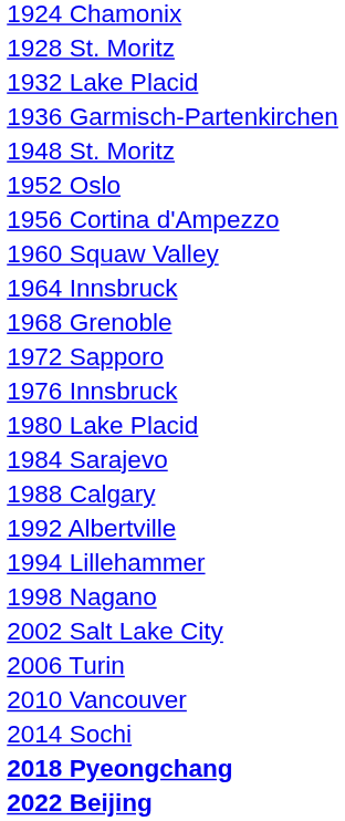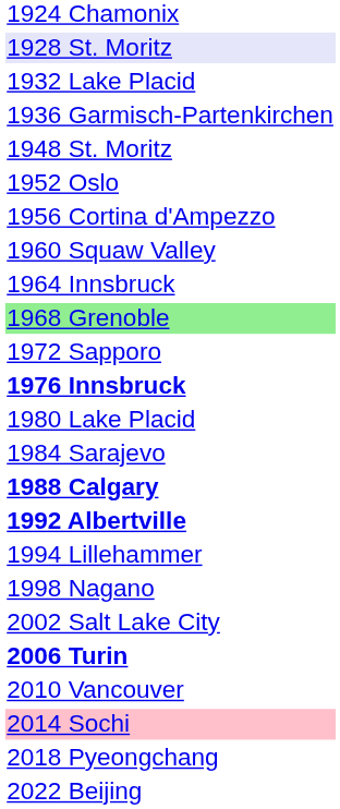 <table>
 <tr>
 <td><a href='#'>1924 Chamonix</a><br></td>
 <td></td>
 <td></td>
 <td></td>
 </tr>
 <tr>
-<td><a href='#'>1928 St. Moritz</a><br></td>
+<td style="background: lavender;"><a href='#'>1928 St. Moritz</a><br></td>
 <td></td>
 <td></td>
 <td></td>
 </tr>
 <tr>
 <td><a href='#'>1932 Lake Placid</a><br></td>
 <td></td>
 <td></td>
 <td></td>
 </tr>
 <tr valign="top">
 <td><a href='#'>1936 Garmisch-Partenkirchen</a><br></td>
 <td></td>
 <td></td>
 <td></td>
 </tr>
 <tr>
 <td><a href='#'>1948 St. Moritz</a><br></td>
 <td></td>
 <td></td>
 <td></td>
 </tr>
 <tr>
 <td><a href='#'>1952 Oslo</a><br></td>
 <td></td>
 <td></td>
 <td></td>
 </tr>
 <tr valign="top">
 <td><a href='#'>1956 Cortina d'Ampezzo</a><br></td>
 <td></td>
 <td></td>
 <td></td>
 </tr>
 <tr>
 <td><a href='#'>1960 Squaw Valley</a><br></td>
 <td></td>
 <td></td>
 <td></td>
 </tr>
 <tr>
 <td><a href='#'>1964 Innsbruck</a><br></td>
 <td></td>
 <td></td>
 <td></td>
 </tr>
 <tr>
-<td><a href='#'>1968 Grenoble</a><br></td>
+<td style="background: lightgreen;"><a href='#'>1968 Grenoble</a><br></td>
 <td></td>
 <td></td>
 <td></td>
 </tr>
 <tr>
 <td><a href='#'>1972 Sapporo</a><br></td>
 <td></td>
 <td></td>
 <td></td>
 </tr>
 <tr>
-<td><a href='#'>1976 Innsbruck</a><br></td>
+<td><strong><a href='#'>1976 Innsbruck</a><br></strong></td>
 <td></td>
 <td></td>
 <td></td>
 </tr>
 <tr>
 <td><a href='#'>1980 Lake Placid</a><br></td>
 <td></td>
 <td></td>
 <td></td>
 </tr>
 <tr>
 <td><a href='#'>1984 Sarajevo</a><br></td>
 <td></td>
 <td></td>
 <td></td>
 </tr>
 <tr>
-<td><a href='#'>1988 Calgary</a><br></td>
+<td><strong><a href='#'>1988 Calgary</a><br></strong></td>
 <td></td>
 <td></td>
 <td></td>
 </tr>
 <tr>
-<td><a href='#'>1992 Albertville</a><br></td>
+<td><strong><a href='#'>1992 Albertville</a><br></strong></td>
 <td></td>
 <td></td>
 <td></td>
 </tr>
 <tr>
 <td><a href='#'>1994 Lillehammer</a><br></td>
 <td></td>
 <td></td>
 <td></td>
 </tr>
 <tr>
 <td><a href='#'>1998 Nagano</a><br></td>
 <td></td>
 <td></td>
 <td></td>
 </tr>
 <tr>
 <td><a href='#'>2002 Salt Lake City</a><br></td>
 <td></td>
 <td></td>
 <td></td>
 </tr>
 <tr>
-<td><a href='#'>2006 Turin</a><br></td>
+<td><strong><a href='#'>2006 Turin</a><br></strong></td>
 <td></td>
 <td></td>
 <td></td>
 </tr>
 <tr>
 <td><a href='#'>2010 Vancouver</a><br></td>
 <td></td>
 <td></td>
 <td></td>
 </tr>
 <tr>
-<td><a href='#'>2014 Sochi</a><br></td>
+<td style="background: pink;"><a href='#'>2014 Sochi</a><br></td>
 <td></td>
 <td></td>
 <td></td>
 </tr>
 <tr>
-<td><strong><a href='#'>2018 Pyeongchang</a><br></strong></td>
+<td><a href='#'>2018 Pyeongchang</a><br></td>
 <td></td>
 <td></td>
 <td></td>
 </tr>
 <tr>
-<td><strong><a href='#'>2022 Beijing</a> <br></strong></td>
+<td><a href='#'>2022 Beijing</a> <br></td>
 <td></td>
 <td></td>
 <td></td>
 </tr>
 <tr>
 </tr>
 </table>
